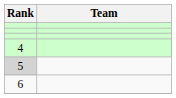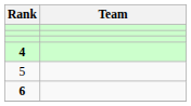 <table class=wikitable style="text-align:center;">
 <tr>
 <th>Rank</th>
 <th width=180>Team</th>
 </tr>
 <tr bgcolor=#CCFFCC>
 <td></td>
 <td align=left></td>
 </tr>
 <tr bgcolor=#CCFFCC>
 <td></td>
 <td align=left></td>
 </tr>
 <tr bgcolor=#CCFFCC>
 <td></td>
 <td align=left></td>
 </tr>
 <tr bgcolor=#CCFFCC>
-<td>4</td>
+<td><strong>4</strong></td>
 <td align=left></td>
 </tr>
 <tr>
-<td style="background: lightgrey;">5</td>
+<td>5</td>
 <td align=left></td>
 </tr>
 <tr>
-<td>6</td>
+<td><strong>6</strong></td>
 <td align=left></td>
 </tr>
 <tr>
 </tr>
 </table>
